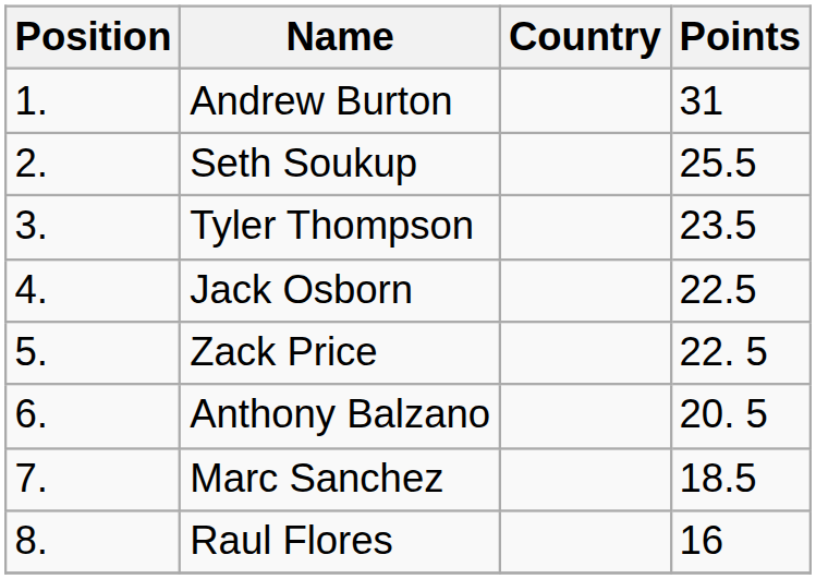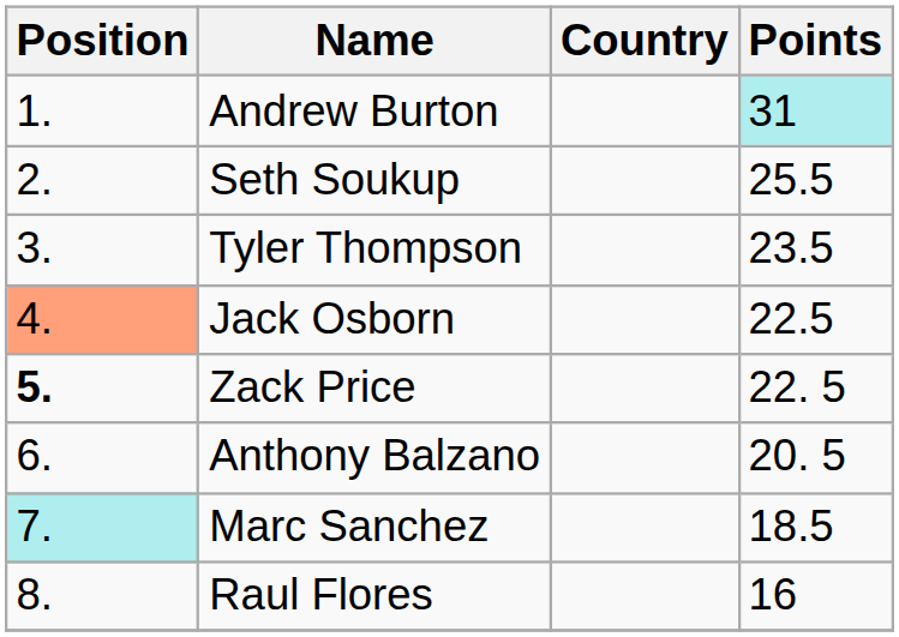 <table class="wikitable sortable" style="display: inline-table">
 <tr>
 <th>Position</th>
 <th>Name</th>
 <th>Country</th>
 <th>Points</th>
 </tr>
 <tr>
 <td>1.</td>
 <td>Andrew Burton</td>
 <td></td>
-<td>31</td>
+<td style="background: paleturquoise;">31</td>
 </tr>
 <tr>
 <td>2.</td>
 <td>Seth Soukup</td>
 <td></td>
 <td>25.5</td>
 </tr>
 <tr>
 <td>3.</td>
 <td>Tyler Thompson</td>
 <td></td>
 <td>23.5</td>
 </tr>
 <tr>
-<td>4.</td>
+<td style="background: lightsalmon;">4.</td>
 <td>Jack Osborn</td>
 <td></td>
 <td>22.5</td>
 </tr>
 <tr>
-<td>5.</td>
+<td><strong>5.</strong></td>
 <td>Zack Price</td>
 <td></td>
 <td>22. 5</td>
 </tr>
 <tr>
 <td>6.</td>
 <td>Anthony Balzano</td>
 <td></td>
 <td>20. 5</td>
 </tr>
 <tr>
-<td>7.</td>
+<td style="background: paleturquoise;">7.</td>
 <td>Marc Sanchez</td>
 <td></td>
 <td>18.5</td>
 </tr>
 <tr>
 <td>8.</td>
 <td>Raul Flores</td>
 <td></td>
 <td>16</td>
 </tr>
 <tr>
 </tr>
 </table>
